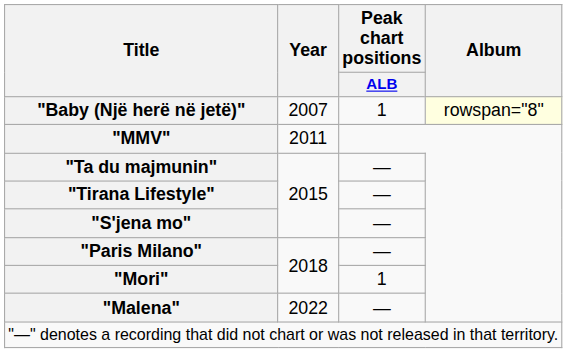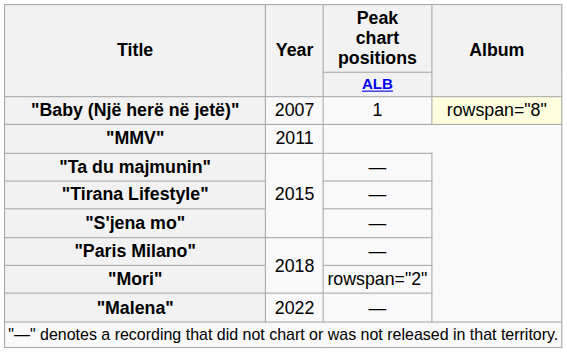 <table class="wikitable plainrowheaders" style="text-align:center;">
 <tr>
 <th scope="col" rowspan="2">Title</th>
 <th scope="col" rowspan="2">Year</th>
 <th scope="col" colspan="1">Peak<br>chart<br>positions</th>
 <th scope="col" rowspan="2">Album</th>
 </tr>
 <tr>
 <th scope="col" style="width:3em;font-size:85%;"><a href='#'>ALB</a><br></th>
 </tr>
 <tr>
 <th scope="row">"Baby (Një herë në jetë)"<br></th>
 <td>2007</td>
 <td>1</td>
 <td style="background: lightyellow;">rowspan="8" </td>
 </tr>
 <tr>
 <th scope="row">"MMV"<br></th>
 <td>2011</td>
 </tr>
 <tr>
 <th scope="row">"Ta du majmunin"<br></th>
 <td rowspan="3">2015</td>
 <td>—</td>
 </tr>
 <tr>
 <th scope="row">"Tirana Lifestyle"<br></th>
 <td>—</td>
 </tr>
 <tr>
 <th scope="row">"S'jena mo"<br></th>
 <td>—</td>
 </tr>
 <tr>
 <th scope="row">"Paris Milano"<br></th>
 <td rowspan="2">2018</td>
 <td>—</td>
 </tr>
 <tr>
 <th scope="row">"Mori"<br></th>
-<td>1</td>
+<td>rowspan="2" </td>
 </tr>
 <tr>
 <th scope="row">"Malena"<br></th>
 <td>2022</td>
 <td>—</td>
 </tr>
 <tr>
 <td colspan="11" style="font-size:90%">"—" denotes a recording that did not chart or was not released in that territory.</td>
 </tr>
 </table>
